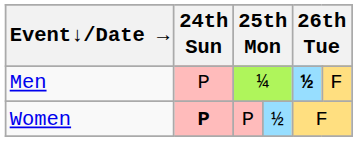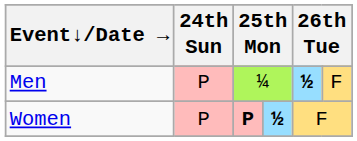 <table class="wikitable" style="margin:0.5em auto; font-size:90%; line-height:1.25em; text-align:center;">
 <tr>
 <th>Event↓/Date →</th>
 <th>24th<br>Sun</th>
 <th colspan=2>25th<br>Mon</th>
 <th colspan=2>26th<br>Tue</th>
 </tr>
 <tr>
 <td style="text-align:left;"><a href='#'>Men</a></td>
 <td bgcolor="#FFBBBB">P</td>
 <td colspan=2 bgcolor="#AFF55B">¼</td>
 <td bgcolor="#97DEFF"><strong>½</strong></td>
 <td bgcolor="#FFDF80">F</td>
 </tr>
 <tr>
 <td style="text-align:left;"><a href='#'>Women</a></td>
+<td bgcolor="#FFBBBB">P</td>
 <td bgcolor="#FFBBBB"><strong>P</strong></td>
-<td bgcolor="#FFBBBB">P</td>
-<td bgcolor="#97DEFF">½</td>
+<td bgcolor="#97DEFF"><strong>½</strong></td>
 <td colspan=2 bgcolor="#FFDF80">F</td>
 </tr>
 </table>
